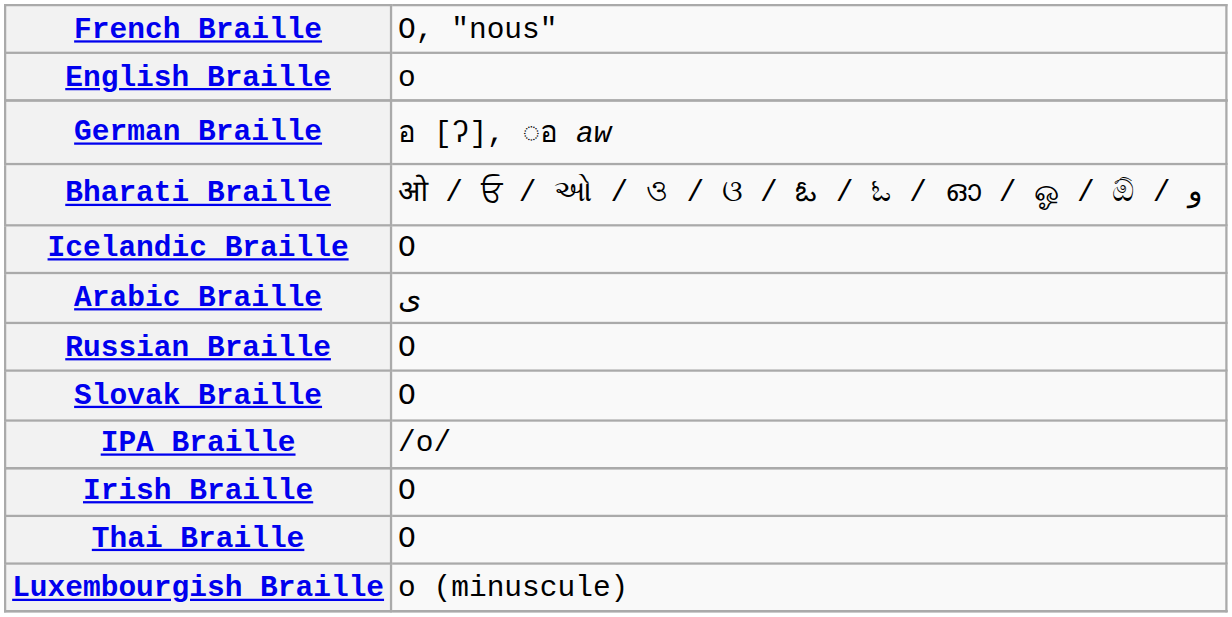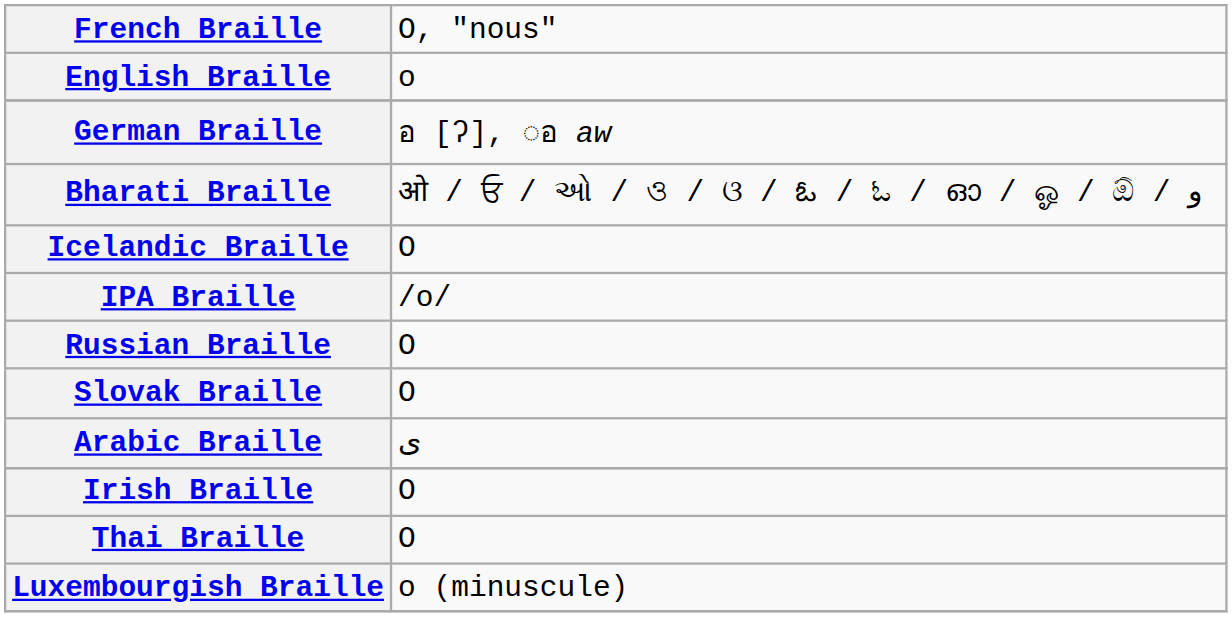 <table class="wikitable">
 <tr>
 <th align=left><a href='#'>French Braille</a></th>
 <td>O, "nous"</td>
 </tr>
 <tr>
 <th align=left><a href='#'>English Braille</a></th>
 <td>o</td>
 </tr>
 <tr>
 </tr>
 <tr>
 <th align=left><a href='#'>German Braille</a></th>
 <td>อ [ʔ], ◌อ <em>aw</em></td>
 </tr>
 <tr>
 <th align=left><a href='#'>Bharati Braille</a></th>
 <td>ओ / ਓ / ઓ / ও / ଓ / ఓ / ಓ / ഓ / ஓ / ඕ / و ‎</td>
 </tr>
 <tr>
 <th align=left><a href='#'>Icelandic Braille</a></th>
 <td>O</td>
 </tr>
 <tr>
-<th align=left><a href='#'>Arabic Braille</a></th>
-<td>ى</td>
+<th align=left><a href='#'>IPA Braille</a></th>
+<td>/o/</td>
 </tr>
 <tr>
 <th align=left><a href='#'>Russian Braille</a></th>
+<td>О</td>
+</tr>
+<tr>
+<th align=left><a href='#'>Slovak Braille</a></th>
 <td>O</td>
 </tr>
 <tr>
-<th align=left><a href='#'>Slovak Braille</a></th>
-<td>О</td>
-</tr>
-<tr>
-<th align=left><a href='#'>IPA Braille</a></th>
-<td>/o/</td>
+<th align=left><a href='#'>Arabic Braille</a></th>
+<td>ى</td>
 </tr>
 <tr>
 </tr>
 <tr>
 <th align=left><a href='#'>Irish Braille</a></th>
 <td>O</td>
 </tr>
 <tr>
 <th align=left><a href='#'>Thai Braille</a></th>
 <td>O</td>
 </tr>
 <tr>
 <th align=left><a href='#'>Luxembourgish Braille</a></th>
 <td>o (minuscule)</td>
 </tr>
 <tr>
 </tr>
 </table>
